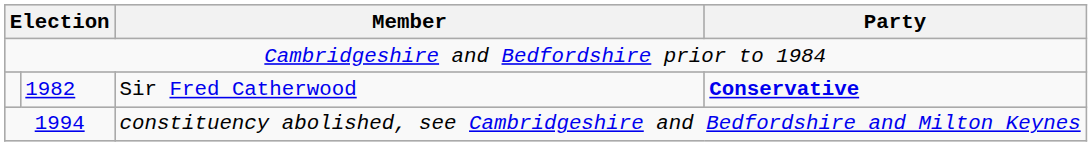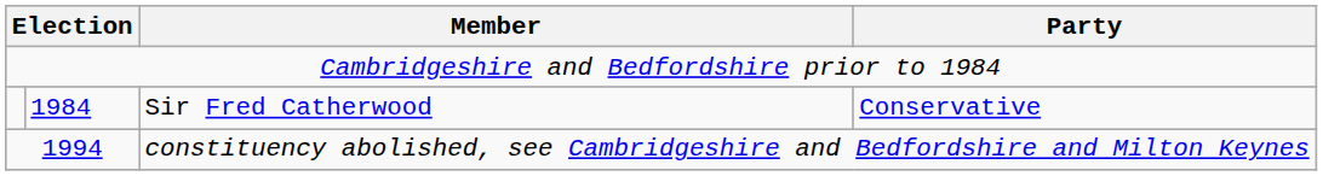 <table class="wikitable">
 <tr>
 <th colspan="2">Election</th>
 <th>Member</th>
 <th>Party</th>
 </tr>
 <tr>
 <td colspan="4" align="center"><em><a href='#'>Cambridgeshire</a> and <a href='#'>Bedfordshire</a> prior to 1984</em></td>
 </tr>
 <tr>
 <td style="background-color: "></td>
-<td><a href='#'>1982</a></td>
+<td><a href='#'>1984</a></td>
 <td>Sir <a href='#'>Fred Catherwood</a></td>
-<td><strong><a href='#'>Conservative</a></strong></td>
+<td><a href='#'>Conservative</a></td>
 </tr>
 <tr>
 <td colspan="2" align="center"><a href='#'>1994</a></td>
 <td colspan="2"><em>constituency abolished, see <a href='#'>Cambridgeshire</a> and <a href='#'>Bedfordshire and Milton Keynes</a></em></td>
 </tr>
 </table>
